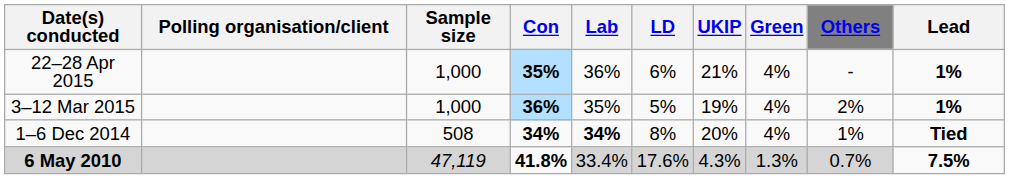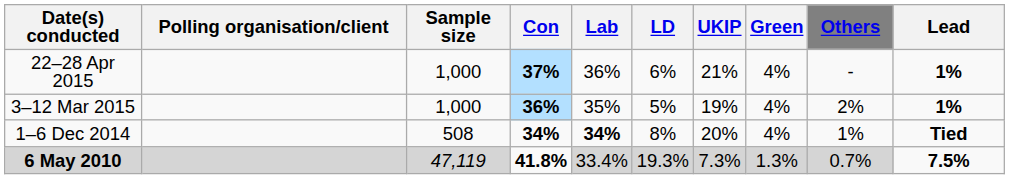 <table class="wikitable sortable" style="text-align:center;font-size:90%;line-height:14px">
 <tr>
 <th ! style="width:100px;">Date(s)<br>conducted</th>
 <th style="width:200px;">Polling organisation/client</th>
 <th class="unsortable" style="width:75px;">Sample size</th>
 <th class="unsortable" style="background:"><a href='#'><span>Con</span></a></th>
 <th class="unsortable" style="background:"><a href='#'><span>Lab</span></a></th>
 <th class="unsortable" style="background:"><a href='#'><span>LD</span></a></th>
 <th class="unsortable" style="background:"><a href='#'><span>UKIP</span></a></th>
 <th class="unsortable" style="background:"><a href='#'><span>Green</span></a></th>
 <th class="unsortable" style="background:gray; width:60px;"><a href='#'><span>Others</span></a></th>
 <th class="unsortable" style="width:80px;">Lead</th>
 </tr>
 <tr>
 <td>22–28 Apr 2015</td>
 <td> </td>
 <td>1,000</td>
-<td style="background:#B3E0FF"><strong>35%</strong></td>
+<td style="background:#B3E0FF"><strong>37%</strong></td>
 <td>36%</td>
 <td>6%</td>
 <td>21%</td>
 <td>4%</td>
 <td>-</td>
 <td style="background:"><strong>1% </strong></td>
 </tr>
 <tr>
 <td>3–12 Mar 2015</td>
 <td> </td>
 <td>1,000</td>
 <td style="background:#B3E0FF"><strong>36%</strong></td>
 <td>35%</td>
 <td>5%</td>
 <td>19%</td>
 <td>4%</td>
 <td>2%</td>
 <td style="background:"><strong>1% </strong></td>
 </tr>
 <tr>
 <td>1–6 Dec 2014</td>
 <td> </td>
 <td>508</td>
 <td><strong>34%</strong></td>
 <td><strong>34%</strong></td>
 <td>8%</td>
 <td>20%</td>
 <td>4%</td>
 <td>1%</td>
 <td><strong>Tied</strong></td>
 </tr>
 <tr>
 <td style="background:#D5D5D5"><strong>6 May 2010</strong></td>
 <td style="background:#D5D5D5"></td>
 <td style="background:#D5D5D5"><em>47,119</em></td>
 <td style="background:"><strong>41.8%</strong></td>
 <td style="background:#D5D5D5">33.4%</td>
-<td style="background:#D5D5D5">17.6%</td>
-<td style="background:#D5D5D5">4.3%</td>
+<td style="background:#D5D5D5">19.3%</td>
+<td style="background:#D5D5D5">7.3%</td>
 <td style="background:#D5D5D5">1.3%</td>
 <td style="background:#D5D5D5">0.7%</td>
 <td style="background:"><strong>7.5% </strong></td>
 </tr>
 </table>
